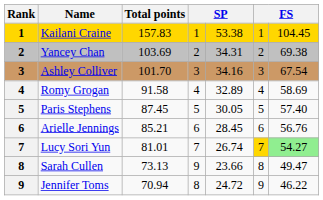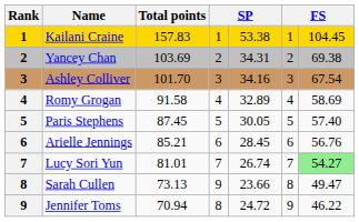 <table class="wikitable sortable">
 <tr>
 <th>Rank</th>
 <th>Name</th>
 <th>Total points</th>
 <th colspan="2" width="80px"><a href='#'>SP</a></th>
 <th colspan="2" width="80px"><a href='#'>FS</a></th>
 </tr>
 <tr bgcolor="gold">
 <td align="center"><strong>1</strong></td>
 <td><a href='#'>Kailani Craine</a></td>
 <td align="center">157.83</td>
 <td align="center">1</td>
 <td align="center">53.38</td>
 <td align="center">1</td>
 <td align="center">104.45</td>
 </tr>
 <tr bgcolor="silver">
 <td align="center"><strong>2</strong></td>
 <td><a href='#'>Yancey Chan</a></td>
 <td align="center">103.69</td>
 <td align="center">2</td>
 <td align="center">34.31</td>
 <td align="center">2</td>
 <td align="center">69.38</td>
 </tr>
 <tr bgcolor="cc9966">
 <td align="center"><strong>3</strong></td>
 <td><a href='#'>Ashley Colliver</a></td>
 <td align="center">101.70</td>
 <td align="center">3</td>
 <td align="center">34.16</td>
 <td align="center">3</td>
 <td align="center">67.54</td>
 </tr>
 <tr>
 <th>4</th>
 <td><a href='#'>Romy Grogan</a></td>
 <td align="center">91.58</td>
 <td align="center">4</td>
 <td align="center">32.89</td>
 <td align="center">4</td>
 <td align="center">58.69</td>
 </tr>
 <tr>
 <th>5</th>
 <td><a href='#'>Paris Stephens</a></td>
 <td align="center">87.45</td>
 <td align="center">5</td>
 <td align="center">30.05</td>
 <td align="center">5</td>
 <td align="center">57.40</td>
 </tr>
 <tr>
 <th>6</th>
 <td><a href='#'>Arielle Jennings</a></td>
 <td align="center">85.21</td>
 <td align="center">6</td>
 <td align="center">28.45</td>
 <td align="center">6</td>
 <td align="center">56.76</td>
 </tr>
 <tr>
 <th>7</th>
 <td><a href='#'>Lucy Sori Yun</a></td>
 <td align="center">81.01</td>
 <td align="center">7</td>
 <td align="center">26.74</td>
-<td align="center" style="background: gold;">7</td>
+<td align="center">7</td>
 <td align="center" style="background: lightgreen;">54.27</td>
 </tr>
 <tr>
 <th>8</th>
 <td><a href='#'>Sarah Cullen</a></td>
 <td align="center">73.13</td>
 <td align="center">9</td>
 <td align="center">23.66</td>
 <td align="center">8</td>
 <td align="center">49.47</td>
 </tr>
 <tr>
 <th>9</th>
 <td><a href='#'>Jennifer Toms</a></td>
 <td align="center">70.94</td>
 <td align="center">8</td>
 <td align="center">24.72</td>
 <td align="center">9</td>
 <td align="center">46.22</td>
 </tr>
 </table>
